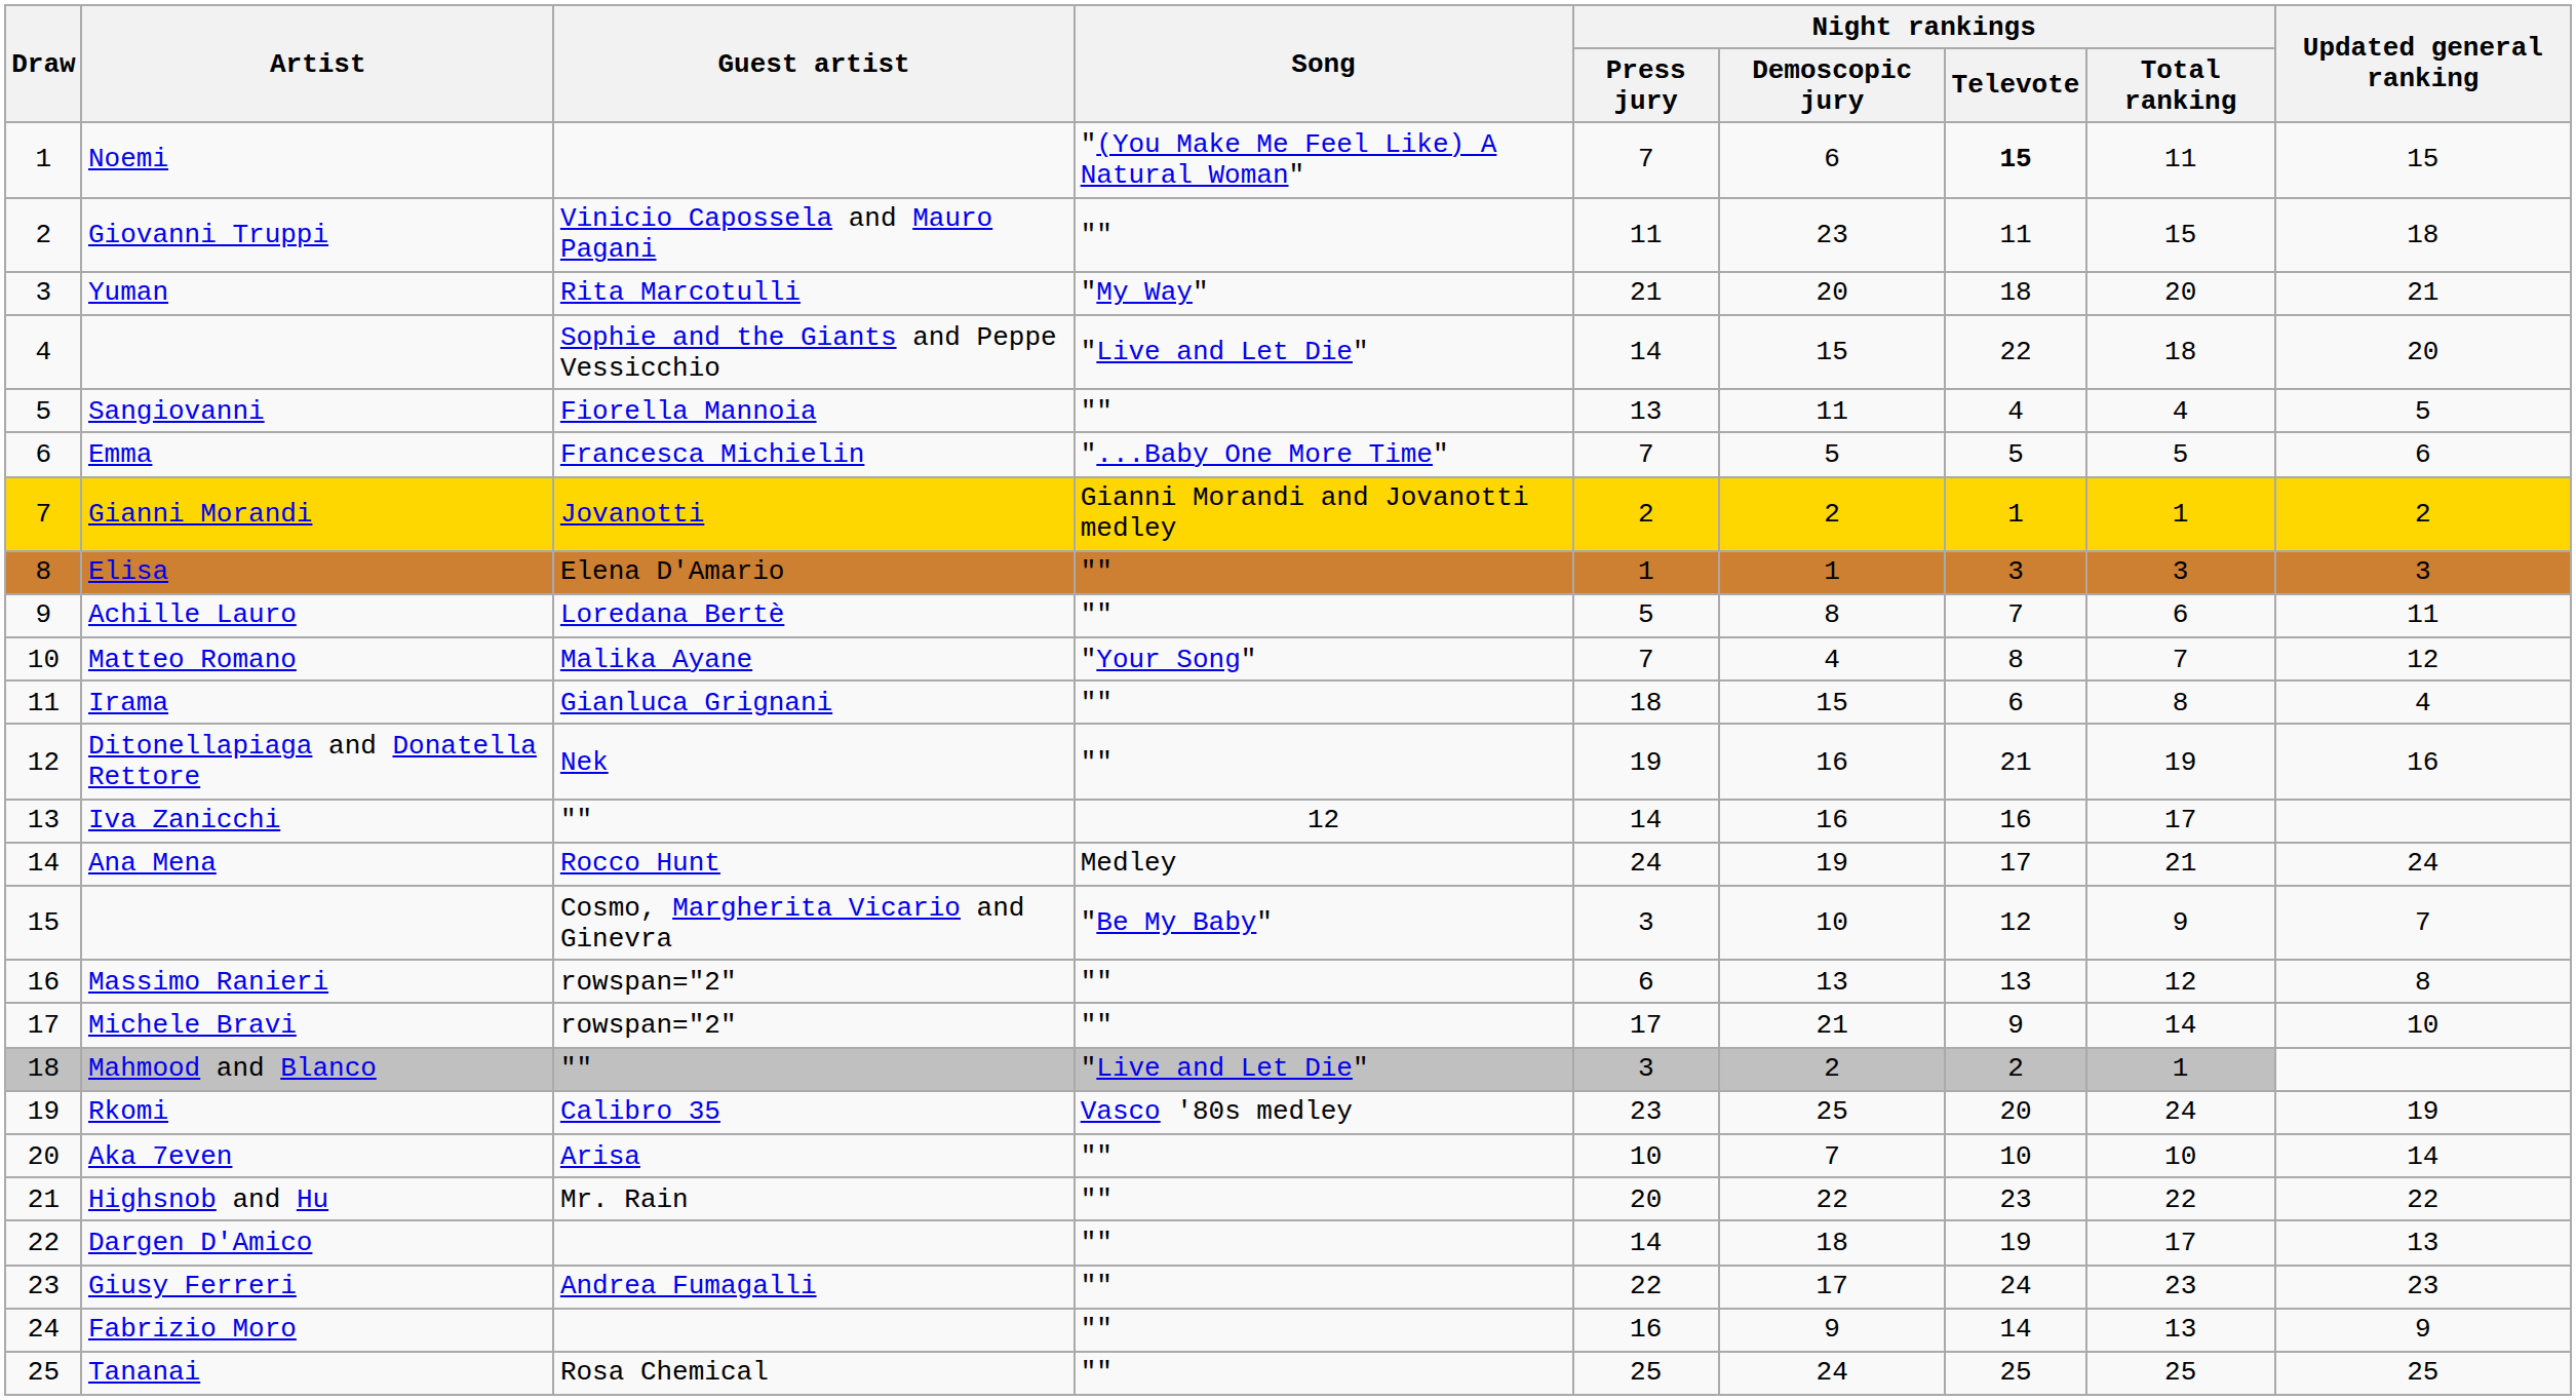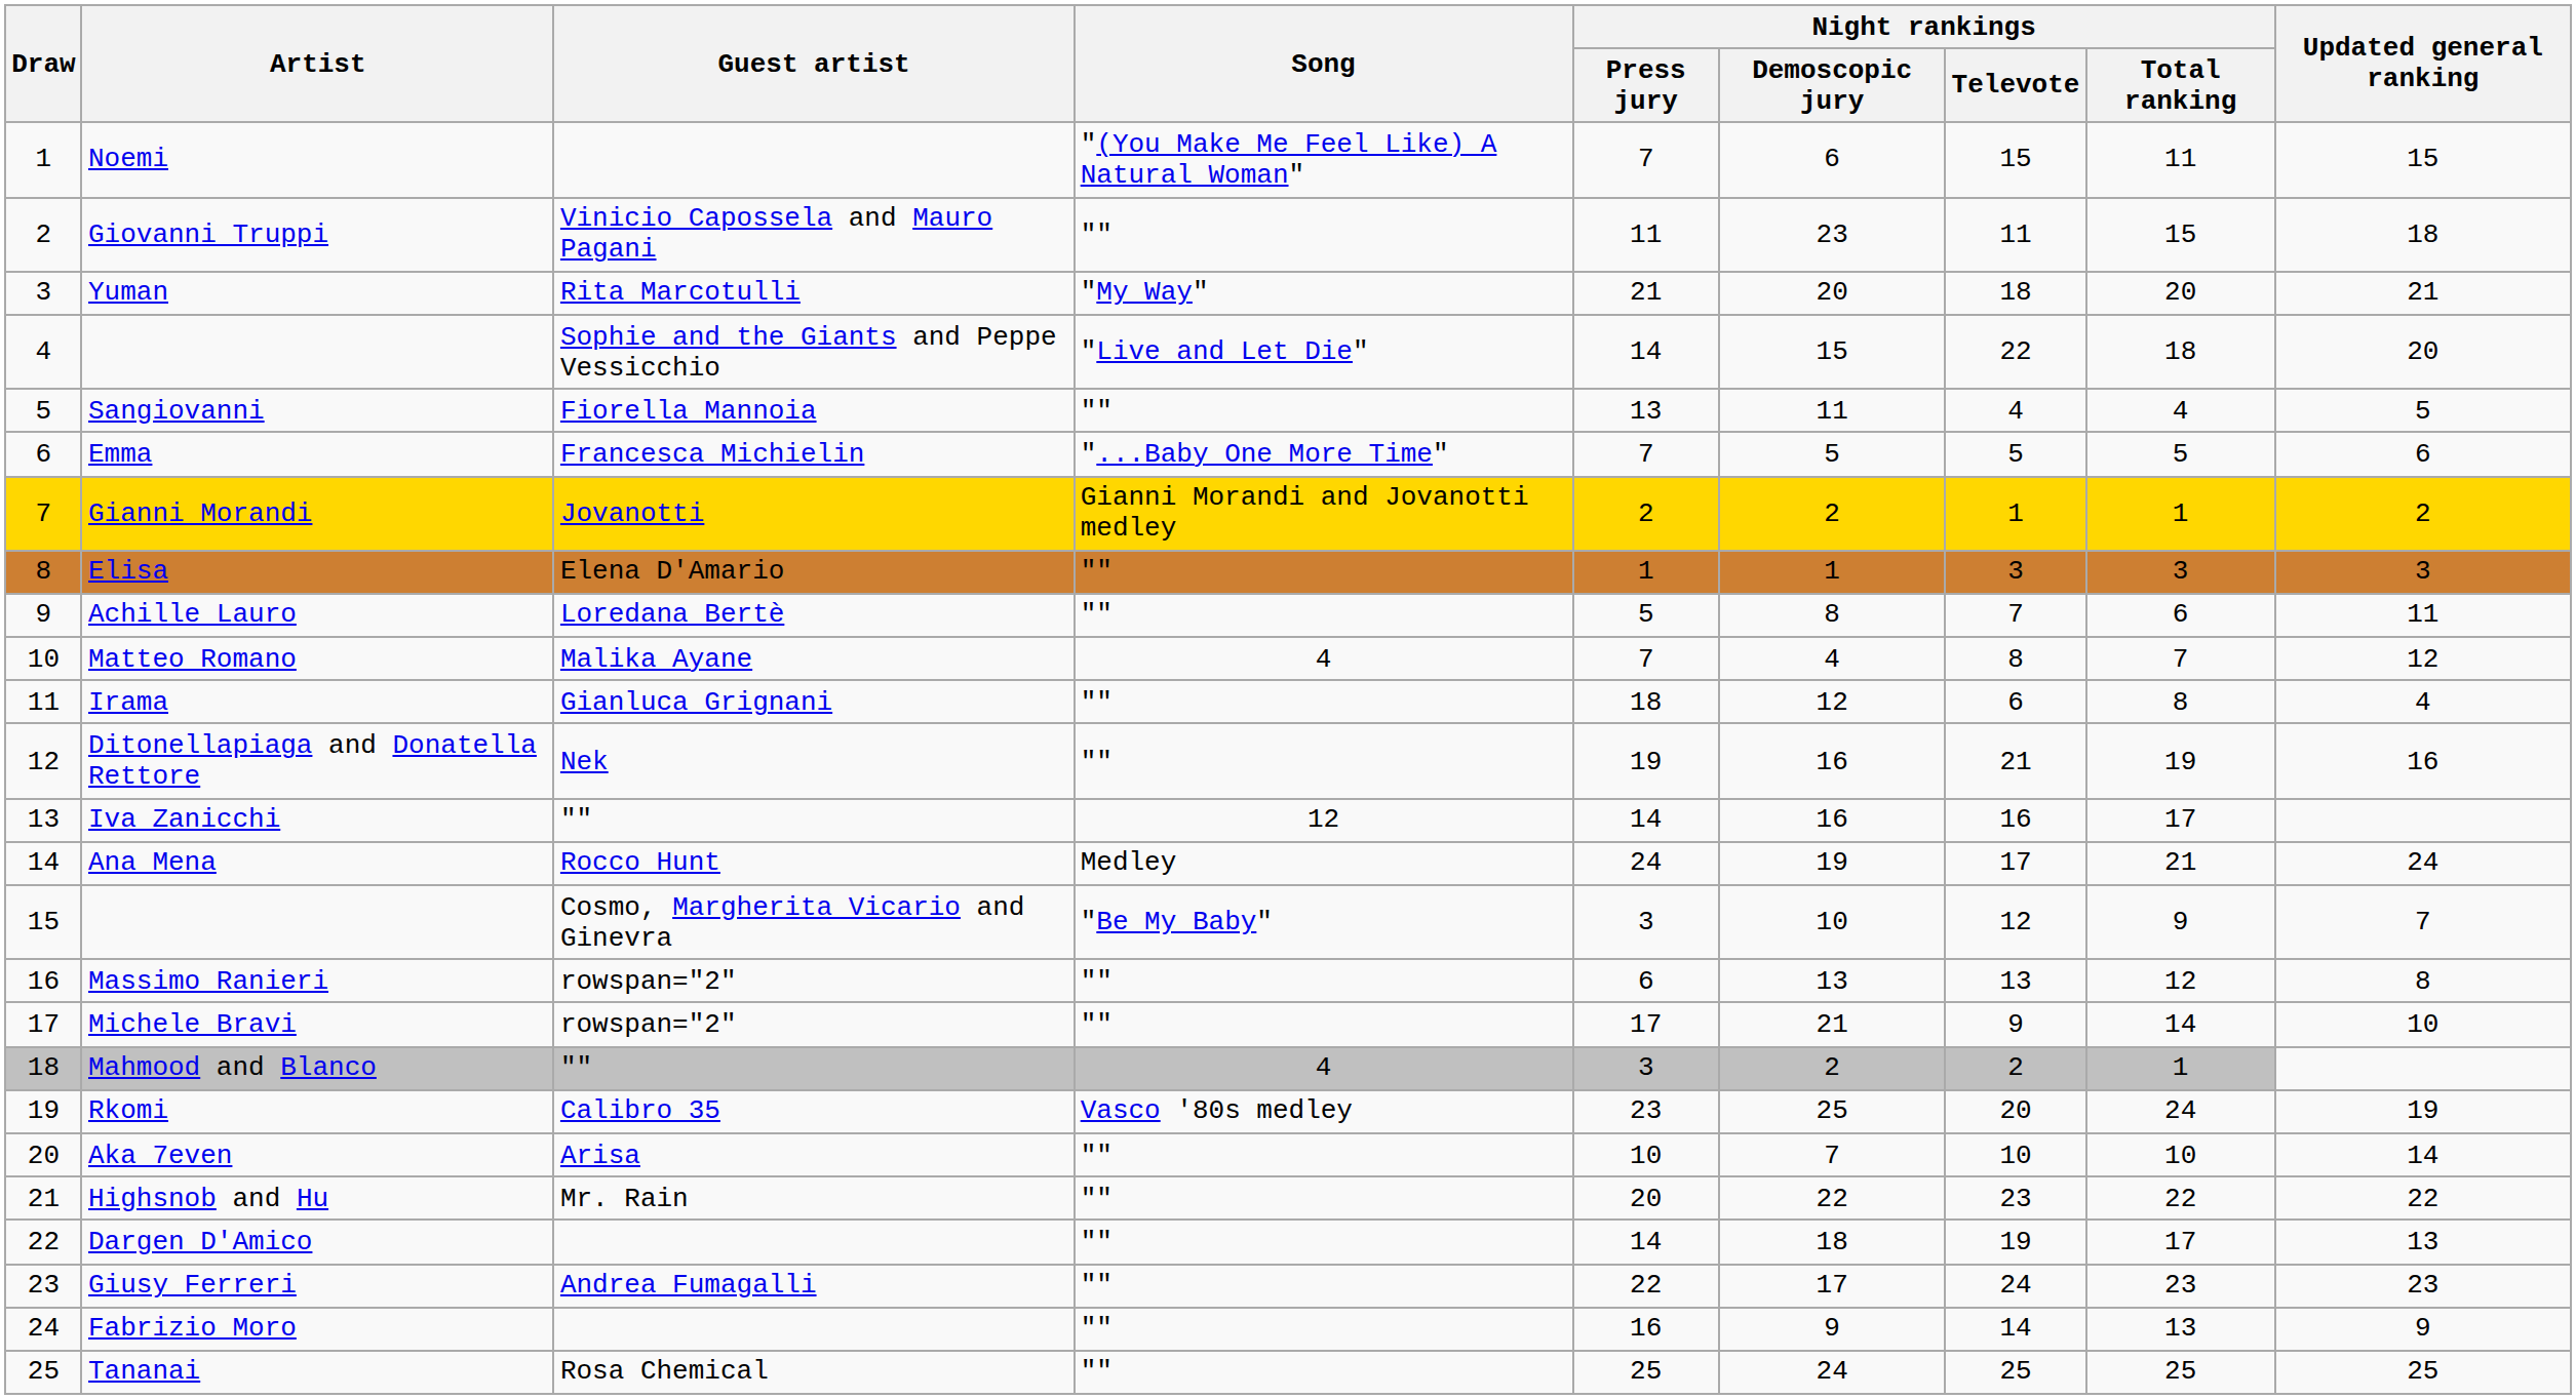 <table class="wikitable sortable">
 <tr>
 <th rowspan="2">Draw</th>
 <th rowspan="2">Artist</th>
 <th rowspan="2">Guest artist</th>
 <th rowspan="2">Song</th>
 <th class="unsortable" colspan="4">Night rankings</th>
 <th rowspan="2">Updated general ranking</th>
 </tr>
 <tr>
 <th>Press jury</th>
 <th>Demoscopic jury</th>
 <th>Televote</th>
 <th>Total ranking</th>
 </tr>
 <tr>
 <td align="center">1</td>
 <td><a href='#'>Noemi</a></td>
 <td></td>
 <td>"<a href='#'>(You Make Me Feel Like) A Natural Woman</a>"</td>
 <td align="center">7</td>
 <td align="center">6</td>
-<td align="center"><strong>15</strong></td>
+<td align="center">15</td>
 <td align="center">11</td>
 <td align="center">15</td>
 </tr>
 <tr>
 <td align="center">2</td>
 <td><a href='#'>Giovanni Truppi</a></td>
 <td><a href='#'>Vinicio Capossela</a> and <a href='#'>Mauro Pagani</a></td>
 <td>""</td>
 <td align="center">11</td>
 <td align="center">23</td>
 <td align="center">11</td>
 <td align="center">15</td>
 <td align="center">18</td>
 </tr>
 <tr>
 <td align="center">3</td>
 <td><a href='#'>Yuman</a></td>
 <td><a href='#'>Rita Marcotulli</a></td>
 <td>"<a href='#'>My Way</a>"</td>
 <td align="center">21</td>
 <td align="center">20</td>
 <td align="center">18</td>
 <td align="center">20</td>
 <td align="center">21</td>
 </tr>
 <tr>
 <td align="center">4</td>
 <td></td>
 <td><a href='#'>Sophie and the Giants</a> and Peppe Vessicchio</td>
 <td>"<a href='#'>Live and Let Die</a>"</td>
 <td align="center">14</td>
 <td align="center">15</td>
 <td align="center">22</td>
 <td align="center">18</td>
 <td align="center">20</td>
 </tr>
 <tr>
 <td align="center">5</td>
 <td><a href='#'>Sangiovanni</a></td>
 <td><a href='#'>Fiorella Mannoia</a></td>
 <td>""</td>
 <td align="center">13</td>
 <td align="center">11</td>
 <td align="center">4</td>
 <td align="center">4</td>
 <td align="center">5</td>
 </tr>
 <tr>
 <td align="center">6</td>
 <td><a href='#'>Emma</a></td>
 <td><a href='#'>Francesca Michielin</a></td>
 <td>"<a href='#'>...Baby One More Time</a>"</td>
 <td align="center">7</td>
 <td align="center">5</td>
 <td align="center">5</td>
 <td align="center">5</td>
 <td align="center">6</td>
 </tr>
 <tr style="background:gold;">
 <td align="center">7</td>
 <td><a href='#'>Gianni Morandi</a></td>
 <td><a href='#'>Jovanotti</a></td>
 <td>Gianni Morandi and Jovanotti medley</td>
 <td align="center">2</td>
 <td align="center">2</td>
 <td align="center">1</td>
 <td align="center">1</td>
 <td align="center">2</td>
 </tr>
 <tr style="background:#Cd7f32;">
 <td align="center">8</td>
 <td><a href='#'>Elisa</a></td>
 <td>Elena D'Amario</td>
 <td>""</td>
 <td align="center">1</td>
 <td align="center">1</td>
 <td align="center">3</td>
 <td align="center">3</td>
 <td align="center">3</td>
 </tr>
 <tr>
 <td align="center">9</td>
 <td><a href='#'>Achille Lauro</a></td>
 <td><a href='#'>Loredana Bertè</a></td>
 <td>""</td>
 <td align="center">5</td>
 <td align="center">8</td>
 <td align="center">7</td>
 <td align="center">6</td>
 <td align="center">11</td>
 </tr>
 <tr>
 <td align="center">10</td>
 <td><a href='#'>Matteo Romano</a></td>
 <td><a href='#'>Malika Ayane</a></td>
-<td>"<a href='#'>Your Song</a>"</td>
+<td align="center">4</td>
 <td align="center">7</td>
 <td align="center">4</td>
 <td align="center">8</td>
 <td align="center">7</td>
 <td align="center">12</td>
 </tr>
 <tr>
 <td align="center">11</td>
 <td><a href='#'>Irama</a></td>
 <td><a href='#'>Gianluca Grignani</a></td>
 <td>""</td>
 <td align="center">18</td>
-<td align="center">15</td>
+<td align="center">12</td>
 <td align="center">6</td>
 <td align="center">8</td>
 <td align="center">4</td>
 </tr>
 <tr>
 <td align="center">12</td>
 <td><a href='#'>Ditonellapiaga</a> and <a href='#'>Donatella Rettore</a></td>
 <td><a href='#'>Nek</a></td>
 <td>""</td>
 <td align="center">19</td>
 <td align="center">16</td>
 <td align="center">21</td>
 <td align="center">19</td>
 <td align="center">16</td>
 </tr>
 <tr>
 <td align="center">13</td>
 <td><a href='#'>Iva Zanicchi</a></td>
 <td>""</td>
 <td align="center">12</td>
 <td align="center">14</td>
 <td align="center">16</td>
 <td align="center">16</td>
 <td align="center">17</td>
 </tr>
 <tr>
 <td align="center">14</td>
 <td><a href='#'>Ana Mena</a></td>
 <td><a href='#'>Rocco Hunt</a></td>
 <td>Medley</td>
 <td align="center">24</td>
 <td align="center">19</td>
 <td align="center">17</td>
 <td align="center">21</td>
 <td align="center">24</td>
 </tr>
 <tr>
 <td align="center">15</td>
 <td></td>
 <td>Cosmo, <a href='#'>Margherita Vicario</a> and Ginevra</td>
 <td>"<a href='#'>Be My Baby</a>"</td>
 <td align="center">3</td>
 <td align="center">10</td>
 <td align="center">12</td>
 <td align="center">9</td>
 <td align="center">7</td>
 </tr>
 <tr>
 <td align="center">16</td>
 <td><a href='#'>Massimo Ranieri</a></td>
 <td>rowspan="2" </td>
 <td>""</td>
 <td align="center">6</td>
 <td align="center">13</td>
 <td align="center">13</td>
 <td align="center">12</td>
 <td align="center">8</td>
 </tr>
 <tr>
 <td align="center">17</td>
 <td><a href='#'>Michele Bravi</a></td>
 <td>rowspan="2" </td>
 <td>""</td>
 <td align="center">17</td>
 <td align="center">21</td>
 <td align="center">9</td>
 <td align="center">14</td>
 <td align="center">10</td>
 </tr>
 <tr style="background:silver;">
 <td align="center">18</td>
 <td><a href='#'>Mahmood</a> and <a href='#'>Blanco</a></td>
 <td>""</td>
-<td>"<a href='#'>Live and Let Die</a>"</td>
+<td align="center">4</td>
 <td align="center">3</td>
 <td align="center">2</td>
 <td align="center">2</td>
 <td align="center">1</td>
 </tr>
 <tr>
 <td align="center">19</td>
 <td><a href='#'>Rkomi</a></td>
 <td><a href='#'>Calibro 35</a></td>
 <td><a href='#'>Vasco</a> '80s medley</td>
 <td align="center">23</td>
 <td align="center">25</td>
 <td align="center">20</td>
 <td align="center">24</td>
 <td align="center">19</td>
 </tr>
 <tr>
 <td align="center">20</td>
 <td><a href='#'>Aka 7even</a></td>
 <td><a href='#'>Arisa</a></td>
 <td>""</td>
 <td align="center">10</td>
 <td align="center">7</td>
 <td align="center">10</td>
 <td align="center">10</td>
 <td align="center">14</td>
 </tr>
 <tr>
 <td align="center">21</td>
 <td><a href='#'>Highsnob</a> and <a href='#'>Hu</a></td>
 <td>Mr. Rain</td>
 <td>""</td>
 <td align="center">20</td>
 <td align="center">22</td>
 <td align="center">23</td>
 <td align="center">22</td>
 <td align="center">22</td>
 </tr>
 <tr>
 <td align="center">22</td>
 <td><a href='#'>Dargen D'Amico</a></td>
 <td></td>
 <td>""</td>
 <td align="center">14</td>
 <td align="center">18</td>
 <td align="center">19</td>
 <td align="center">17</td>
 <td align="center">13</td>
 </tr>
 <tr>
 <td align="center">23</td>
 <td><a href='#'>Giusy Ferreri</a></td>
 <td><a href='#'>Andrea Fumagalli</a></td>
 <td>""</td>
 <td align="center">22</td>
 <td align="center">17</td>
 <td align="center">24</td>
 <td align="center">23</td>
 <td align="center">23</td>
 </tr>
 <tr>
 <td align="center">24</td>
 <td><a href='#'>Fabrizio Moro</a></td>
 <td></td>
 <td>""</td>
 <td align="center">16</td>
 <td align="center">9</td>
 <td align="center">14</td>
 <td align="center">13</td>
 <td align="center">9</td>
 </tr>
 <tr>
 <td align="center">25</td>
 <td><a href='#'>Tananai</a></td>
 <td>Rosa Chemical</td>
 <td>""</td>
 <td align="center">25</td>
 <td align="center">24</td>
 <td align="center">25</td>
 <td align="center">25</td>
 <td align="center">25</td>
 </tr>
 </table>
